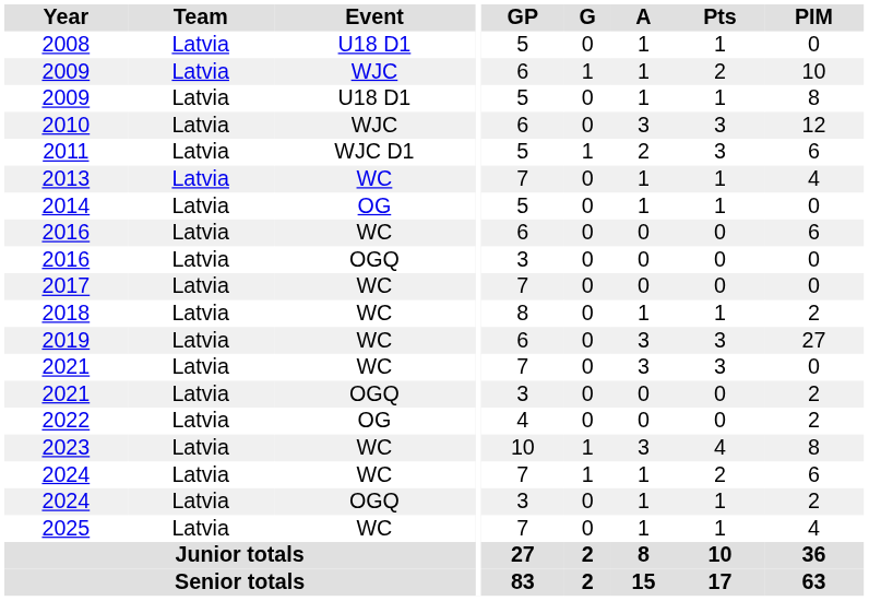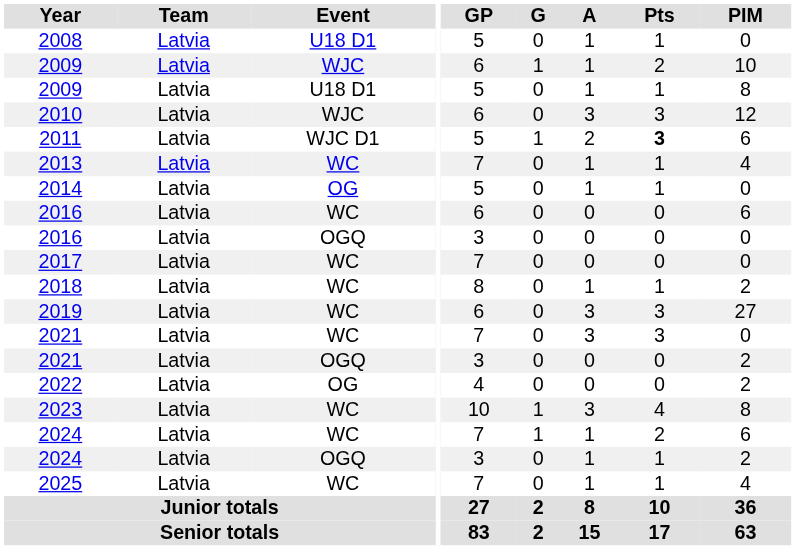 <table border="0" cellpadding="1" cellspacing="0" ID="Table3" style="text-align:center; width:40em">
 <tr ALIGN="center" bgcolor="#e0e0e0">
 <th>Year</th>
 <th>Team</th>
 <th>Event</th>
 <th rowspan="102" bgcolor="#ffffff"></th>
 <th>GP</th>
 <th>G</th>
 <th>A</th>
 <th>Pts</th>
 <th>PIM</th>
 </tr>
 <tr>
 <td><a href='#'>2008</a></td>
 <td><a href='#'>Latvia</a></td>
 <td><a href='#'>U18 D1</a></td>
 <td>5</td>
 <td>0</td>
 <td>1</td>
 <td>1</td>
 <td>0</td>
 </tr>
 <tr bgcolor="#f0f0f0">
 <td><a href='#'>2009</a></td>
 <td><a href='#'>Latvia</a></td>
 <td><a href='#'>WJC</a></td>
 <td>6</td>
 <td>1</td>
 <td>1</td>
 <td>2</td>
 <td>10</td>
 </tr>
 <tr>
 <td><a href='#'>2009</a></td>
 <td>Latvia</td>
 <td>U18 D1</td>
 <td>5</td>
 <td>0</td>
 <td>1</td>
 <td>1</td>
 <td>8</td>
 </tr>
 <tr bgcolor="#f0f0f0">
 <td><a href='#'>2010</a></td>
 <td>Latvia</td>
 <td>WJC</td>
 <td>6</td>
 <td>0</td>
 <td>3</td>
 <td>3</td>
 <td>12</td>
 </tr>
 <tr>
 <td><a href='#'>2011</a></td>
 <td>Latvia</td>
 <td>WJC D1</td>
 <td>5</td>
 <td>1</td>
 <td>2</td>
-<td>3</td>
+<td><strong>3</strong></td>
 <td>6</td>
 </tr>
 <tr bgcolor="#f0f0f0">
 <td><a href='#'>2013</a></td>
 <td><a href='#'>Latvia</a></td>
 <td><a href='#'>WC</a></td>
 <td>7</td>
 <td>0</td>
 <td>1</td>
 <td>1</td>
 <td>4</td>
 </tr>
 <tr>
 <td><a href='#'>2014</a></td>
 <td>Latvia</td>
 <td><a href='#'>OG</a></td>
 <td>5</td>
 <td>0</td>
 <td>1</td>
 <td>1</td>
 <td>0</td>
 </tr>
 <tr bgcolor="#f0f0f0">
 <td><a href='#'>2016</a></td>
 <td>Latvia</td>
 <td>WC</td>
 <td>6</td>
 <td>0</td>
 <td>0</td>
 <td>0</td>
 <td>6</td>
 </tr>
 <tr>
 <td><a href='#'>2016</a></td>
 <td>Latvia</td>
 <td>OGQ</td>
 <td>3</td>
 <td>0</td>
 <td>0</td>
 <td>0</td>
 <td>0</td>
 </tr>
 <tr bgcolor="#f0f0f0">
 <td><a href='#'>2017</a></td>
 <td>Latvia</td>
 <td>WC</td>
 <td>7</td>
 <td>0</td>
 <td>0</td>
 <td>0</td>
 <td>0</td>
 </tr>
 <tr>
 <td><a href='#'>2018</a></td>
 <td>Latvia</td>
 <td>WC</td>
 <td>8</td>
 <td>0</td>
 <td>1</td>
 <td>1</td>
 <td>2</td>
 </tr>
 <tr bgcolor="#f0f0f0">
 <td><a href='#'>2019</a></td>
 <td>Latvia</td>
 <td>WC</td>
 <td>6</td>
 <td>0</td>
 <td>3</td>
 <td>3</td>
 <td>27</td>
 </tr>
 <tr>
 <td><a href='#'>2021</a></td>
 <td>Latvia</td>
 <td>WC</td>
 <td>7</td>
 <td>0</td>
 <td>3</td>
 <td>3</td>
 <td>0</td>
 </tr>
 <tr bgcolor="#f0f0f0">
 <td><a href='#'>2021</a></td>
 <td>Latvia</td>
 <td>OGQ</td>
 <td>3</td>
 <td>0</td>
 <td>0</td>
 <td>0</td>
 <td>2</td>
 </tr>
 <tr>
 <td><a href='#'>2022</a></td>
 <td>Latvia</td>
 <td>OG</td>
 <td>4</td>
 <td>0</td>
 <td>0</td>
 <td>0</td>
 <td>2</td>
 </tr>
 <tr bgcolor="#f0f0f0">
 <td><a href='#'>2023</a></td>
 <td>Latvia</td>
 <td>WC</td>
 <td>10</td>
 <td>1</td>
 <td>3</td>
 <td>4</td>
 <td>8</td>
 </tr>
 <tr>
 <td><a href='#'>2024</a></td>
 <td>Latvia</td>
 <td>WC</td>
 <td>7</td>
 <td>1</td>
 <td>1</td>
 <td>2</td>
 <td>6</td>
 </tr>
 <tr bgcolor="#f0f0f0">
 <td><a href='#'>2024</a></td>
 <td>Latvia</td>
 <td>OGQ</td>
 <td>3</td>
 <td>0</td>
 <td>1</td>
 <td>1</td>
 <td>2</td>
 </tr>
 <tr>
 <td><a href='#'>2025</a></td>
 <td>Latvia</td>
 <td>WC</td>
 <td>7</td>
 <td>0</td>
 <td>1</td>
 <td>1</td>
 <td>4</td>
 </tr>
 <tr bgcolor="#e0e0e0">
 <th colspan=3>Junior totals</th>
 <th>27</th>
 <th>2</th>
 <th>8</th>
 <th>10</th>
 <th>36</th>
 </tr>
 <tr bgcolor="#e0e0e0">
 <th colspan=3>Senior totals</th>
 <th>83</th>
 <th>2</th>
 <th>15</th>
 <th>17</th>
 <th>63</th>
 </tr>
 </table>
